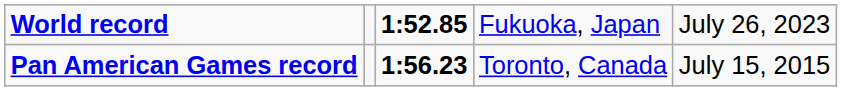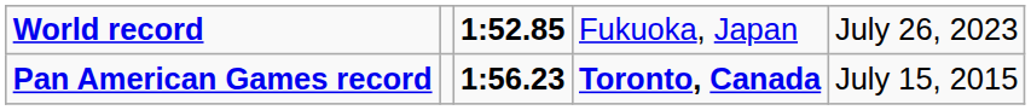 <table class="wikitable">
 <tr>
 <td><strong><a href='#'>World record</a></strong></td>
 <td></td>
 <td><strong>1:52.85</strong></td>
 <td><a href='#'>Fukuoka</a>, <a href='#'>Japan</a></td>
 <td>July 26, 2023</td>
 </tr>
 <tr>
 <td><strong><a href='#'>Pan American Games record</a></strong></td>
 <td></td>
 <td><strong>1:56.23</strong></td>
-<td><a href='#'>Toronto</a>, <a href='#'>Canada</a></td>
+<td><strong><a href='#'>Toronto</a>, <a href='#'>Canada</a></strong></td>
 <td>July 15, 2015</td>
 </tr>
 </table>
